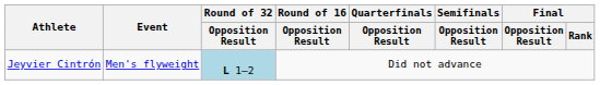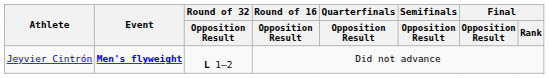 <table class="wikitable" style="font-size:90%">
 <tr>
 <th rowspan="2">Athlete</th>
 <th rowspan="2">Event</th>
 <th>Round of 32</th>
 <th>Round of 16</th>
 <th>Quarterfinals</th>
 <th>Semifinals</th>
 <th colspan=2>Final</th>
 </tr>
 <tr style="font-size:95%">
 <th>Opposition<br>Result</th>
 <th>Opposition<br>Result</th>
 <th>Opposition<br>Result</th>
 <th>Opposition<br>Result</th>
 <th>Opposition<br>Result</th>
 <th>Rank</th>
 </tr>
 <tr align=center>
 <td align=left><a href='#'>Jeyvier Cintrón</a></td>
-<td align=left><a href='#'>Men's flyweight</a></td>
-<td style="background: lightblue;"><br><strong>L</strong> 1–2</td>
+<td align=left><strong><a href='#'>Men's flyweight</a></strong></td>
+<td><br><strong>L</strong> 1–2</td>
 <td colspan=5>Did not advance</td>
 </tr>
 </table>
